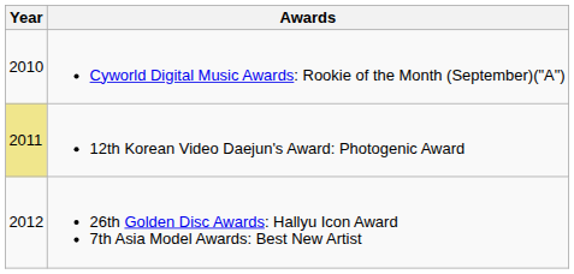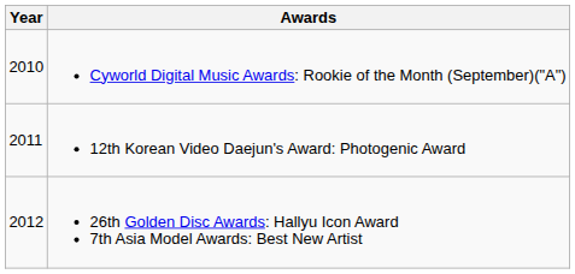 <table class="wikitable">
 <tr>
 <th>Year</th>
 <th>Awards</th>
 </tr>
 <tr>
 <td>2010</td>
 <td><br><ul><li><a href='#'>Cyworld Digital Music Awards</a>: Rookie of the Month (September)("A")</li></ul></td>
 </tr>
 <tr>
-<td style="background: khaki;">2011</td>
+<td>2011</td>
 <td><br><ul><li>12th Korean Video Daejun's Award: Photogenic Award</li></ul></td>
 </tr>
 <tr>
 <td>2012</td>
 <td><br><ul><li>26th <a href='#'>Golden Disc Awards</a>: Hallyu Icon Award</li><li>7th Asia Model Awards: Best New Artist</li></ul></td>
 </tr>
 </table>
